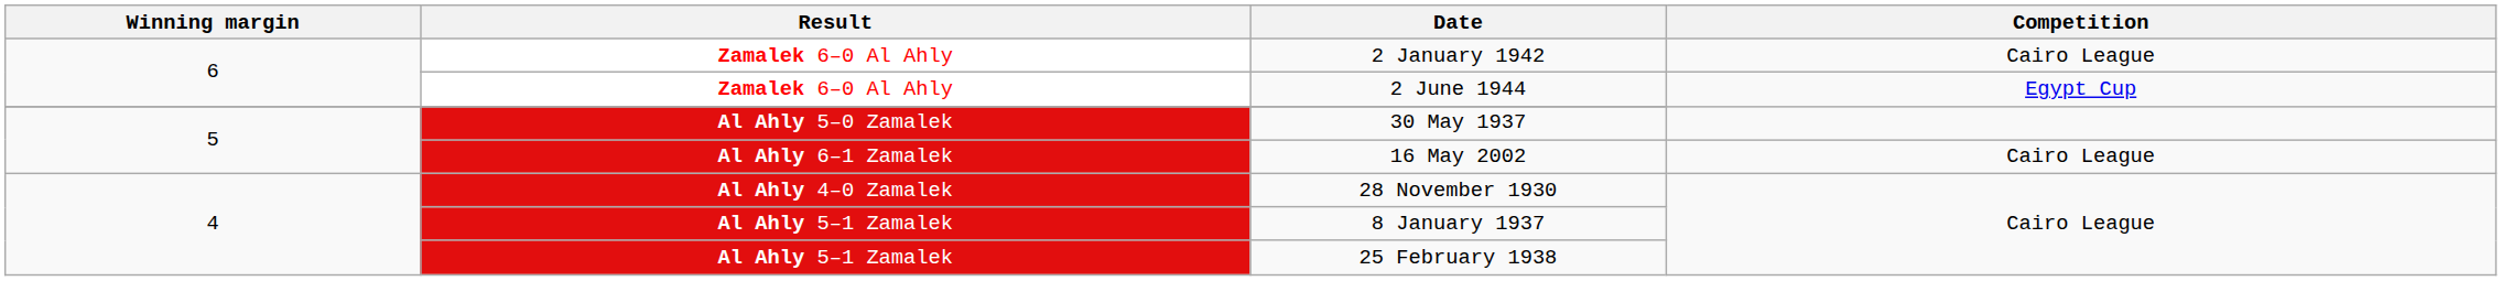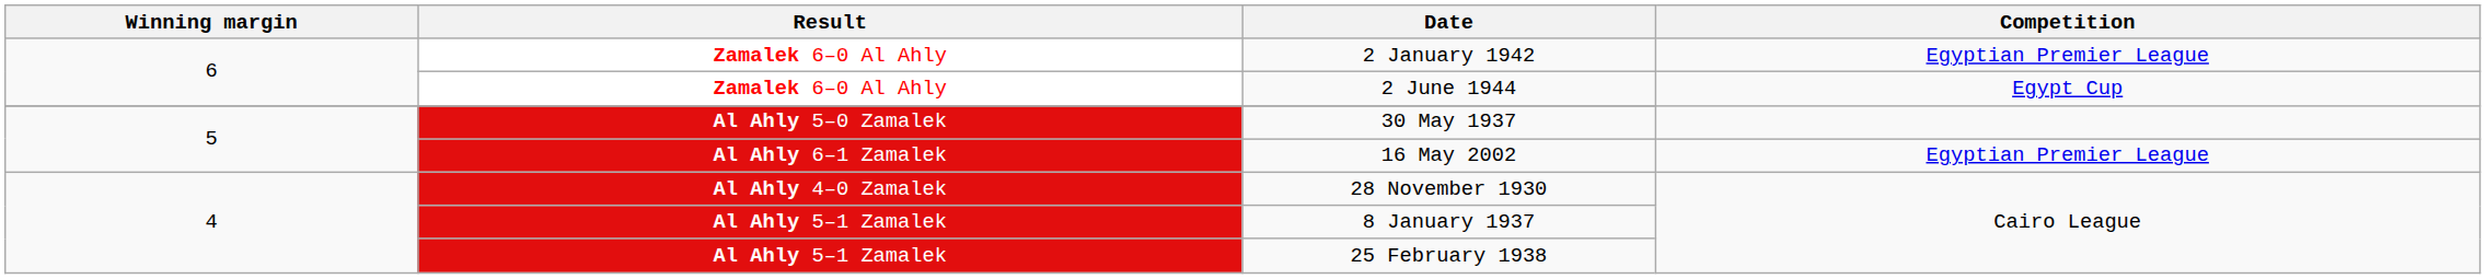 <table class="wikitable" style="text-align: center">
 <tr>
 <th style="width:5%;">Winning margin</th>
 <th style="width:10%;">Result</th>
 <th style="width:5%;">Date</th>
 <th style="width:10%;">Competition</th>
 </tr>
 <tr style="text-align:center;">
 <td rowspan="2">6</td>
 <td style="background:#fff;color:red;"><strong>Zamalek</strong> 6–0 Al Ahly</td>
 <td>2 January 1942</td>
-<td>Cairo League</td>
+<td><a href='#'>Egyptian Premier League</a></td>
 </tr>
 <tr style="text-align:center;">
 <td style="background:#fff;color:red;"><strong>Zamalek</strong> 6–0 Al Ahly</td>
 <td>2 June 1944</td>
 <td rowspan="2"><a href='#'>Egypt Cup</a></td>
 </tr>
 <tr style="text-align:center;">
 </tr>
 <tr>
 <td rowspan="2">5</td>
 <td style="background:#E20E0E;color:white;"><strong>Al Ahly</strong> 5–0 Zamalek</td>
 <td>30 May 1937</td>
 </tr>
 <tr style="text-align:center;">
 <td style="background:#E20E0E;color:white;"><strong>Al Ahly</strong> 6–1 Zamalek</td>
 <td>16 May 2002</td>
-<td>Cairo League</td>
+<td><a href='#'>Egyptian Premier League</a></td>
 </tr>
 <tr>
 <td rowspan="3">4</td>
 <td style="background:#E20E0E;color:white;"><strong>Al Ahly</strong> 4–0 Zamalek</td>
 <td>28 November 1930</td>
 <td rowspan="3">Cairo League</td>
 </tr>
 <tr style="text-align:center;">
 <td style="background:#E20E0E;color:white;"><strong>Al Ahly</strong> 5–1 Zamalek</td>
 <td>8 January 1937</td>
 </tr>
 <tr style="text-align:center;">
 <td style="background:#E20E0E;color:white;"><strong>Al Ahly</strong> 5–1 Zamalek</td>
 <td>25 February 1938</td>
 </tr>
 </table>
